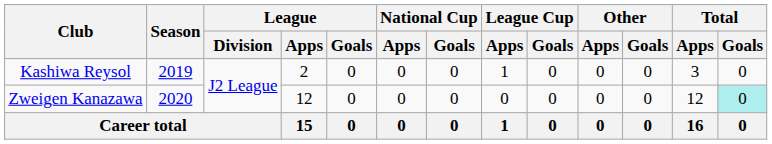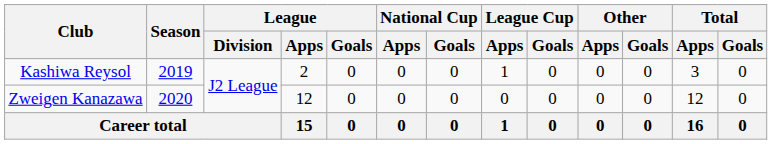 <table class="wikitable" style="text-align: center">
 <tr>
 <th rowspan="2">Club</th>
 <th rowspan="2">Season</th>
 <th colspan="3">League</th>
 <th colspan="2">National Cup</th>
 <th colspan="2">League Cup</th>
 <th colspan="2">Other</th>
 <th colspan="2">Total</th>
 </tr>
 <tr>
 <th>Division</th>
 <th>Apps</th>
 <th>Goals</th>
 <th>Apps</th>
 <th>Goals</th>
 <th>Apps</th>
 <th>Goals</th>
 <th>Apps</th>
 <th>Goals</th>
 <th>Apps</th>
 <th>Goals</th>
 </tr>
 <tr>
 <td><a href='#'>Kashiwa Reysol</a></td>
 <td><a href='#'>2019</a></td>
 <td rowspan="2"><a href='#'>J2 League</a></td>
 <td>2</td>
 <td>0</td>
 <td>0</td>
 <td>0</td>
 <td>1</td>
 <td>0</td>
 <td>0</td>
 <td>0</td>
 <td>3</td>
 <td>0</td>
 </tr>
 <tr>
 <td><a href='#'>Zweigen Kanazawa</a></td>
 <td><a href='#'>2020</a></td>
 <td>12</td>
 <td>0</td>
 <td>0</td>
 <td>0</td>
 <td>0</td>
 <td>0</td>
 <td>0</td>
 <td>0</td>
 <td>12</td>
-<td style="background: paleturquoise;">0</td>
+<td>0</td>
 </tr>
 <tr>
 <th colspan=3>Career total</th>
 <th>15</th>
 <th>0</th>
 <th>0</th>
 <th>0</th>
 <th>1</th>
 <th>0</th>
 <th>0</th>
 <th>0</th>
 <th>16</th>
 <th>0</th>
 </tr>
 </table>
